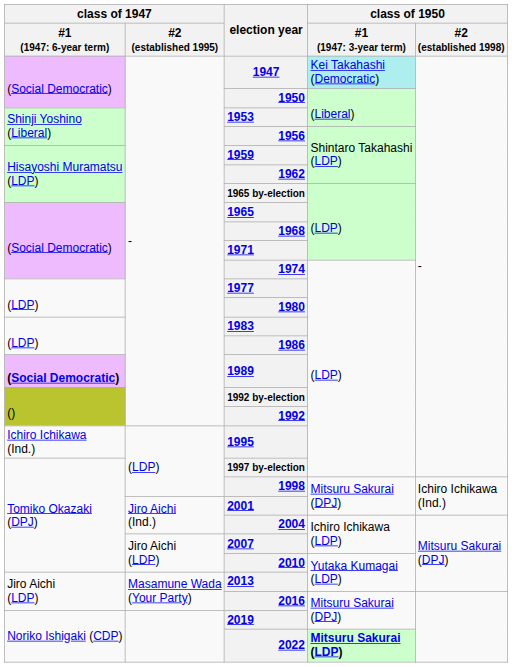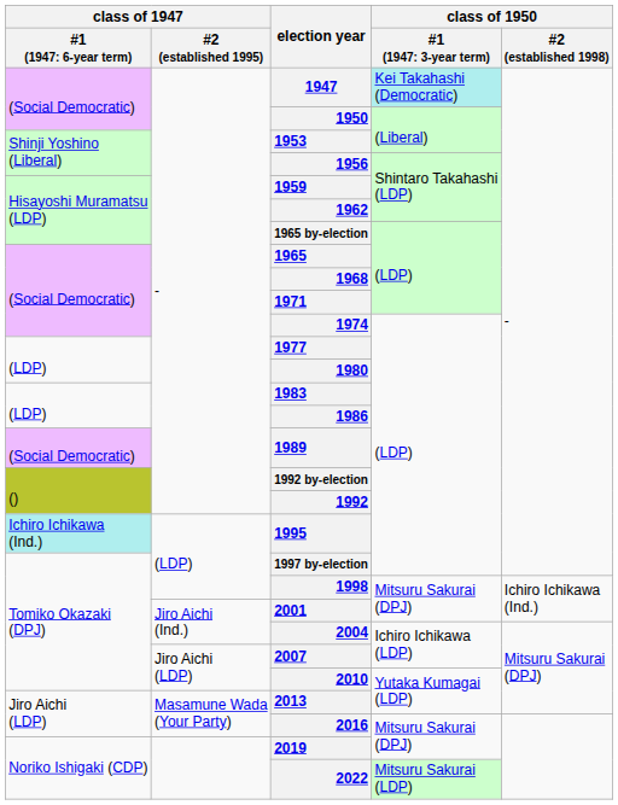 <table class="wikitable" border="1">
 <tr>
 <th colspan="2">class of 1947</th>
 <th rowspan="2">election year</th>
 <th colspan="2">class of 1950</th>
 </tr>
 <tr>
 <th>#1<br><small>(1947: 6-year term)</small></th>
 <th>#2<br><small>(established 1995)</small></th>
 <th>#1<br><small>(1947: 3-year term)</small></th>
 <th>#2<br><small>(established 1998)</small></th>
 </tr>
 <tr>
 <td rowspan="2" bgcolor="#EEBBFF"><br>(<a href='#'>Social Democratic</a>)</td>
 <td rowspan="18">-</td>
 <th style="text-align: center"><a href='#'>1947</a></th>
 <td style="background: paleturquoise;"><a href='#'>Kei Takahashi</a><br>(<a href='#'>Democratic</a>)</td>
 <td rowspan="20">-</td>
 </tr>
 <tr>
 <th style="text-align: right"><a href='#'>1950</a></th>
 <td rowspan="2" bgcolor="#CCFFCC"><br>(<a href='#'>Liberal</a>)</td>
 </tr>
 <tr>
 <td rowspan="2" bgcolor="#CCFFCC"><a href='#'>Shinji Yoshino</a><br>(<a href='#'>Liberal</a>)</td>
 <th style="text-align: left"><a href='#'>1953</a></th>
 </tr>
 <tr>
 <th style="text-align: right"><a href='#'>1956</a></th>
 <td rowspan="3" bgcolor="#CCFFCC">Shintaro Takahashi<br>(<a href='#'>LDP</a>)</td>
 </tr>
 <tr>
 <td rowspan="3" bgcolor="#CCFFCC"><a href='#'>Hisayoshi Muramatsu</a><br>(<a href='#'>LDP</a>)</td>
 <th style="text-align: left"><a href='#'>1959</a></th>
 </tr>
 <tr>
 <th style="text-align: right"><a href='#'>1962</a></th>
 </tr>
 <tr>
 <th style="text-align: right"><small>1965 by-election</small></th>
 <td rowspan="4" bgcolor="#CCFFCC"><br>(<a href='#'>LDP</a>)</td>
 </tr>
 <tr>
 <td rowspan="4" bgcolor="#EEBBFF"><br>(<a href='#'>Social Democratic</a>)</td>
 <th style="text-align: left"><a href='#'>1965</a></th>
 </tr>
 <tr>
 <th style="text-align: right"><a href='#'>1968</a></th>
 </tr>
 <tr>
 <th style="text-align: left"><a href='#'>1971</a></th>
 </tr>
 <tr>
 <th style="text-align: right"><a href='#'>1974</a></th>
 <td rowspan="10" ><br>(<a href='#'>LDP</a>)</td>
 </tr>
 <tr>
 <td rowspan="2" ><br>(<a href='#'>LDP</a>)</td>
 <th style="text-align: left"><a href='#'>1977</a></th>
 </tr>
 <tr>
 <th style="text-align: right"><a href='#'>1980</a></th>
 </tr>
 <tr>
 <td rowspan="2" ><br>(<a href='#'>LDP</a>)</td>
 <th style="text-align: left"><a href='#'>1983</a></th>
 </tr>
 <tr>
 <th style="text-align: right"><a href='#'>1986</a></th>
 </tr>
 <tr>
-<td bgcolor="#EEBBFF"><strong><br>(<a href='#'>Social Democratic</a>)</strong></td>
+<td bgcolor="#EEBBFF"><br>(<a href='#'>Social Democratic</a>)</td>
 <th style="text-align: left"><a href='#'>1989</a></th>
 </tr>
 <tr>
 <td rowspan="2" bgcolor="#B9C42F"><br>()</td>
 <th style="text-align: left"><small>1992 by-election</small></th>
 </tr>
 <tr>
 <th style="text-align: right"><a href='#'>1992</a></th>
 </tr>
 <tr>
-<td><a href='#'>Ichiro Ichikawa</a><br>(Ind.)</td>
+<td style="background: paleturquoise;"><a href='#'>Ichiro Ichikawa</a><br>(Ind.)</td>
 <td rowspan="3" ><br>(<a href='#'>LDP</a>)</td>
 <th style="text-align: left"><a href='#'>1995</a></th>
 </tr>
 <tr>
 <td rowspan="6" ><a href='#'>Tomiko Okazaki</a><br>(<a href='#'>DPJ</a>)</td>
 <th style="text-align: left"><small>1997 by-election</small></th>
 </tr>
 <tr>
 <th style="text-align: right"><a href='#'>1998</a></th>
 <td rowspan="2" ><a href='#'>Mitsuru Sakurai</a><br>(<a href='#'>DPJ</a>)</td>
 <td rowspan="2" >Ichiro Ichikawa<br>(Ind.)</td>
 </tr>
 <tr>
 <td rowspan="2" ><a href='#'>Jiro Aichi</a><br>(Ind.)</td>
 <th style="text-align: left"><a href='#'>2001</a></th>
 </tr>
 <tr>
 <th style="text-align: right"><a href='#'>2004</a></th>
 <td rowspan="2" >Ichiro Ichikawa<br>(<a href='#'>LDP</a>)</td>
 <td rowspan="4" ><a href='#'>Mitsuru Sakurai</a><br>(<a href='#'>DPJ</a>)</td>
 </tr>
 <tr>
 <td rowspan="2" >Jiro Aichi<br>(<a href='#'>LDP</a>)</td>
 <th style="text-align: left"><a href='#'>2007</a></th>
 </tr>
 <tr>
 <th style="text-align: right"><a href='#'>2010</a></th>
 <td rowspan="2" ><a href='#'>Yutaka Kumagai</a><br>(<a href='#'>LDP</a>)</td>
 </tr>
 <tr>
 <td rowspan="2" >Jiro Aichi<br>(<a href='#'>LDP</a>)</td>
 <td rowspan="2" ><a href='#'>Masamune Wada</a><br>(<a href='#'>Your Party</a>)</td>
 <th style="text-align: left"><a href='#'>2013</a></th>
 </tr>
 <tr>
 <th style="text-align: right"><a href='#'>2016</a></th>
 <td rowspan="2" ><a href='#'>Mitsuru Sakurai</a><br>(<a href='#'>DPJ</a>)</td>
 <td rowspan="3"></td>
 </tr>
 <tr>
 <td rowspan="2" ><a href='#'>Noriko Ishigaki</a> (<a href='#'>CDP</a>)</td>
 <td rowspan="2"></td>
 <th style="text-align: left"><a href='#'>2019</a></th>
 </tr>
 <tr>
 <th style="text-align: right"><a href='#'>2022</a></th>
-<td bgcolor="#CCFFCC"><strong><a href='#'>Mitsuru Sakurai</a><br>(<a href='#'>LDP</a>)</strong></td>
+<td bgcolor="#CCFFCC"><a href='#'>Mitsuru Sakurai</a><br>(<a href='#'>LDP</a>)</td>
 </tr>
 </table>
